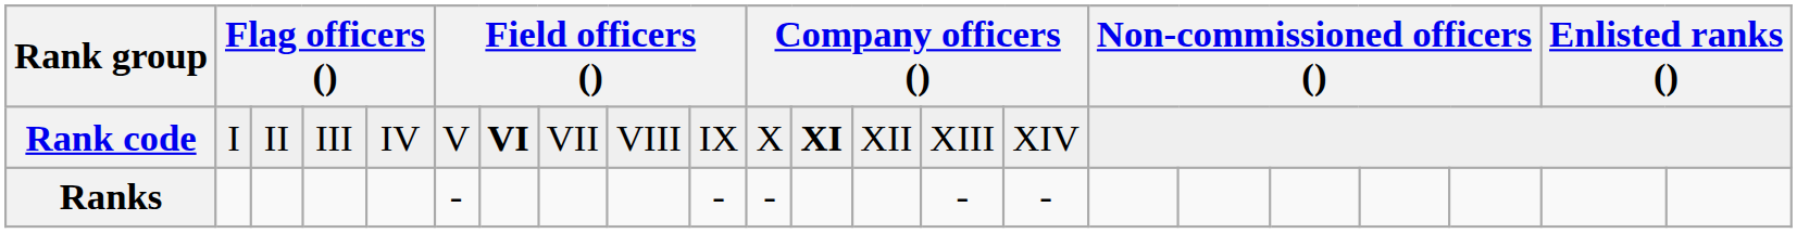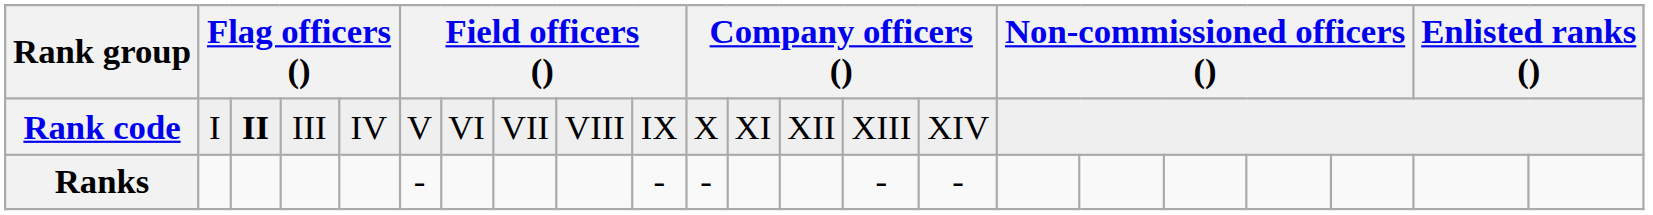 <table class="wikitable">
 <tr align="center" style="background:#cfcfcf;">
 <th>Rank group</th>
 <th colspan=4><a href='#'>Flag officers</a><br>()</th>
 <th colspan=5><a href='#'>Field officers</a><br>()</th>
 <th colspan=5><a href='#'>Company officers</a><br>()</th>
 <th colspan=5><a href='#'>Non-commissioned officers</a><br>()</th>
 <th colspan=2><a href='#'>Enlisted ranks</a><br>()</th>
 </tr>
 <tr style="background:#efefef;text-align:center;">
 <th colspan=1><a href='#'>Rank code</a></th>
 <td colspan=1>I</td>
-<td colspan=1>II</td>
+<td colspan=1><strong>II</strong></td>
 <td colspan=1>III</td>
 <td colspan=1>IV</td>
 <td colspan=1>V</td>
-<td colspan=1><strong>VI</strong></td>
+<td colspan=1>VI</td>
 <td colspan=1>VII</td>
 <td colspan=1>VIII</td>
 <td colspan=1>IX</td>
 <td colspan=1>X</td>
-<td colspan=1><strong>XI</strong></td>
+<td colspan=1>XI</td>
 <td colspan=1>XII</td>
 <td colspan=1>XIII</td>
 <td colspan=1>XIV</td>
 <td colspan=8></td>
 </tr>
 <tr align="center">
 <th>Ranks</th>
 <td><br></td>
 <td><br></td>
 <td><br></td>
 <td><br></td>
 <td>-</td>
 <td><br></td>
 <td><br></td>
 <td><br></td>
 <td>-</td>
 <td>-</td>
 <td><br></td>
 <td><br></td>
 <td>-</td>
 <td>-</td>
 <td><br></td>
 <td><br></td>
 <td><br></td>
 <td><br></td>
 <td><br></td>
 <td><br></td>
 <td><br></td>
 </tr>
 </table>
